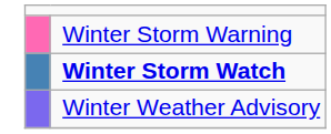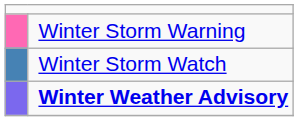 <table class="wikitable"  style="float:right; margin:1em; margin-top:0;">
 <tr>
 <td colspan="6" style="text-align:center;"></td>
 </tr>
 <tr>
 <td style="width:10px; height:10px; background:#ff69b4;"></td>
 <td> <a href='#'>Winter Storm Warning</a></td>
 </tr>
 <tr>
 <td style="width:10px; height:10px; background:#4682b4;"></td>
-<td><strong> <a href='#'>Winter Storm Watch</a></strong></td>
+<td> <a href='#'>Winter Storm Watch</a></td>
 </tr>
 <tr>
 <td style="width:10px; height:10px; background:#7b68ee;"></td>
-<td> <a href='#'>Winter Weather Advisory</a></td>
+<td><strong> <a href='#'>Winter Weather Advisory</a></strong></td>
 </tr>
 <tr>
 </tr>
 </table>
